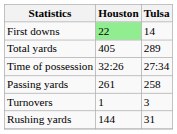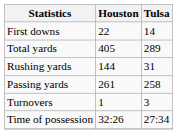 <table class="wikitable">
 <tr>
 <th>Statistics</th>
 <th>Houston</th>
 <th>Tulsa</th>
 </tr>
 <tr>
 <td>First downs</td>
-<td style="background: lightgreen;">22</td>
+<td>22</td>
 <td>14</td>
 </tr>
 <tr>
 <td>Total yards</td>
 <td>405</td>
 <td>289</td>
 </tr>
 <tr>
-<td>Time of possession</td>
-<td>32:26</td>
-<td>27:34</td>
+<td>Rushing yards</td>
+<td>144</td>
+<td>31</td>
 </tr>
 <tr>
 <td>Passing yards</td>
 <td>261</td>
 <td>258</td>
 </tr>
 <tr>
 <td>Turnovers</td>
 <td>1</td>
 <td>3</td>
 </tr>
 <tr>
-<td>Rushing yards</td>
-<td>144</td>
-<td>31</td>
+<td>Time of possession</td>
+<td>32:26</td>
+<td>27:34</td>
 </tr>
 <tr>
 </tr>
 </table>
